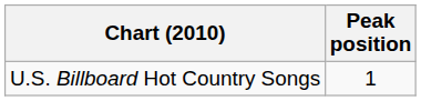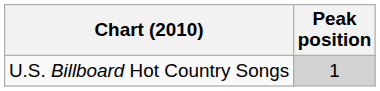 <table class="wikitable">
 <tr>
 <th>Chart (2010)</th>
 <th>Peak<br>position</th>
 </tr>
 <tr>
 <td>U.S. <em>Billboard</em> Hot Country Songs</td>
-<td align=center>1</td>
+<td align=center style="background: lightgrey;">1</td>
 </tr>
 </table>
